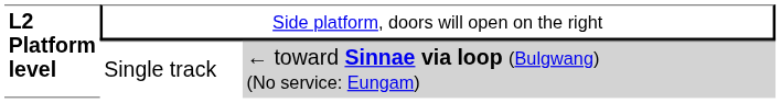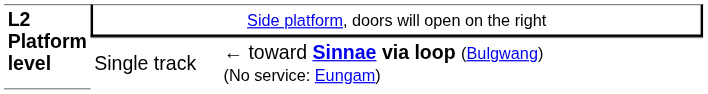 <table table border=0 cellspacing=0 cellpadding=3>
 <tr>
 <td style="border-top:solid 1px gray;border-bottom:solid 1px gray;" width=50 rowspan=10 valign=top><strong>L2<br>Platform level</strong></td>
 <td style="border-top:solid 1px gray;border-right:solid 2px black;border-left:solid 2px black;border-bottom:solid 2px black;text-align:center;" colspan=2><small><a href='#'>Side platform</a>, doors will open on the right </small></td>
 </tr>
 <tr>
 <td style="border-bottom:solid 0px gray;border-top:solid 1px gray;" width=100>Single track</td>
-<td style="background: lightgrey; border-bottom:solid 0px gray;border-top:solid 1px gray;" width=390>←  toward <strong><a href='#'>Sinnae</a> via loop</strong> <small>(<a href='#'>Bulgwang</a>)</small><br><small>(No service: <a href='#'>Eungam</a>)</small></td>
+<td style="border-bottom:solid 0px gray;border-top:solid 1px gray;" width=390>←  toward <strong><a href='#'>Sinnae</a> via loop</strong> <small>(<a href='#'>Bulgwang</a>)</small><br><small>(No service: <a href='#'>Eungam</a>)</small></td>
 </tr>
 </table>
